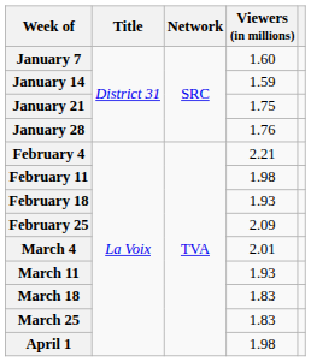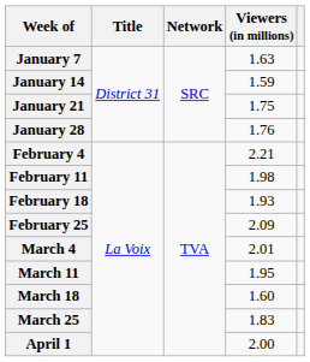 <table class="wikitable plainrowheaders" style="text-align: center; display: inline-table;">
 <tr>
 <th>Week of</th>
 <th>Title</th>
 <th>Network</th>
 <th>Viewers<br><small>(in millions)</small></th>
 <th></th>
 </tr>
 <tr>
 <th scope="row">January 7</th>
 <td rowspan="4"><em><a href='#'>District 31</a></em></td>
 <td rowspan="4"><a href='#'>SRC</a></td>
-<td>1.60</td>
+<td>1.63</td>
 <td></td>
 </tr>
 <tr>
 <th scope="row">January 14</th>
 <td>1.59</td>
 <td></td>
 </tr>
 <tr>
 <th scope="row">January 21</th>
 <td>1.75</td>
 <td></td>
 </tr>
 <tr>
 <th scope="row">January 28</th>
 <td>1.76</td>
 <td></td>
 </tr>
 <tr>
 <th scope="row">February 4</th>
 <td rowspan="9"><em><a href='#'>La Voix</a></em></td>
 <td rowspan="9"><a href='#'>TVA</a></td>
 <td>2.21</td>
 <td></td>
 </tr>
 <tr>
 <th scope="row">February 11</th>
 <td>1.98</td>
 <td></td>
 </tr>
 <tr>
 <th scope="row">February 18</th>
 <td>1.93</td>
 <td></td>
 </tr>
 <tr>
 <th scope="row">February 25</th>
 <td>2.09</td>
 <td></td>
 </tr>
 <tr>
 <th scope="row">March 4</th>
 <td>2.01</td>
 <td></td>
 </tr>
 <tr>
 <th scope="row">March 11</th>
-<td>1.93</td>
+<td>1.95</td>
 <td></td>
 </tr>
 <tr>
 <th scope="row">March 18</th>
-<td>1.83</td>
+<td>1.60</td>
 <td></td>
 </tr>
 <tr>
 <th scope="row">March 25</th>
 <td>1.83</td>
 <td></td>
 </tr>
 <tr>
 <th scope="row">April 1</th>
-<td>1.98</td>
+<td>2.00</td>
 <td></td>
 </tr>
 </table>
